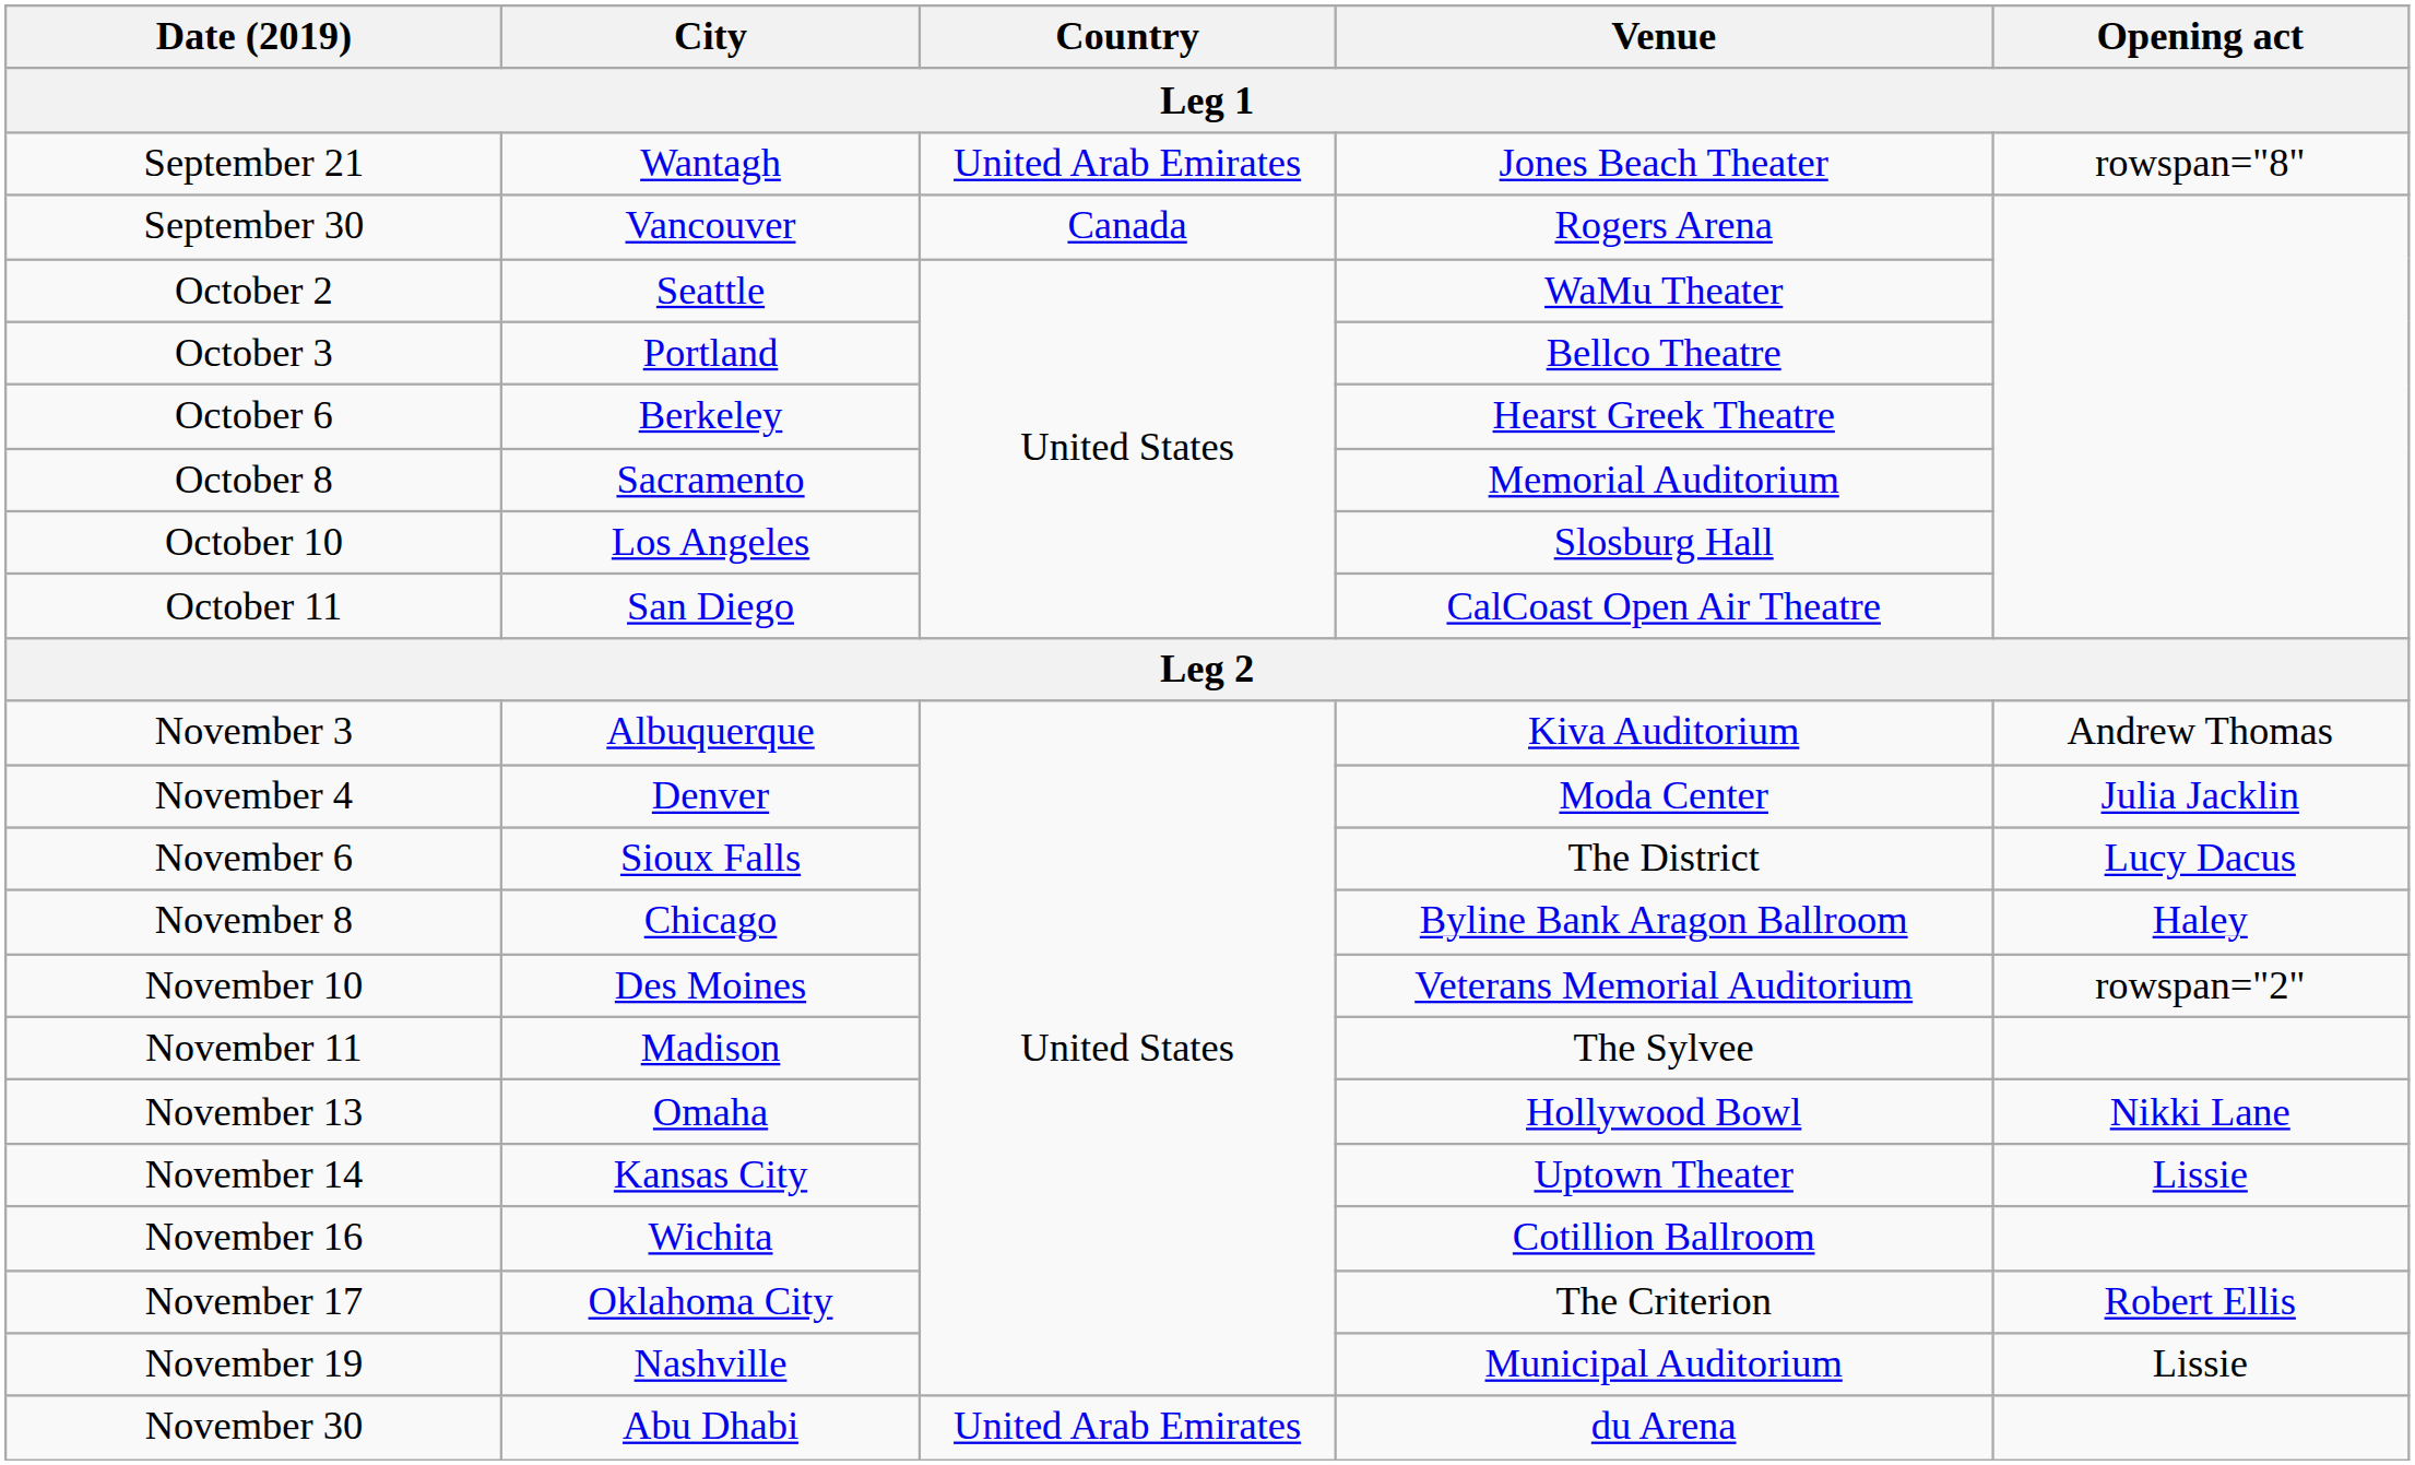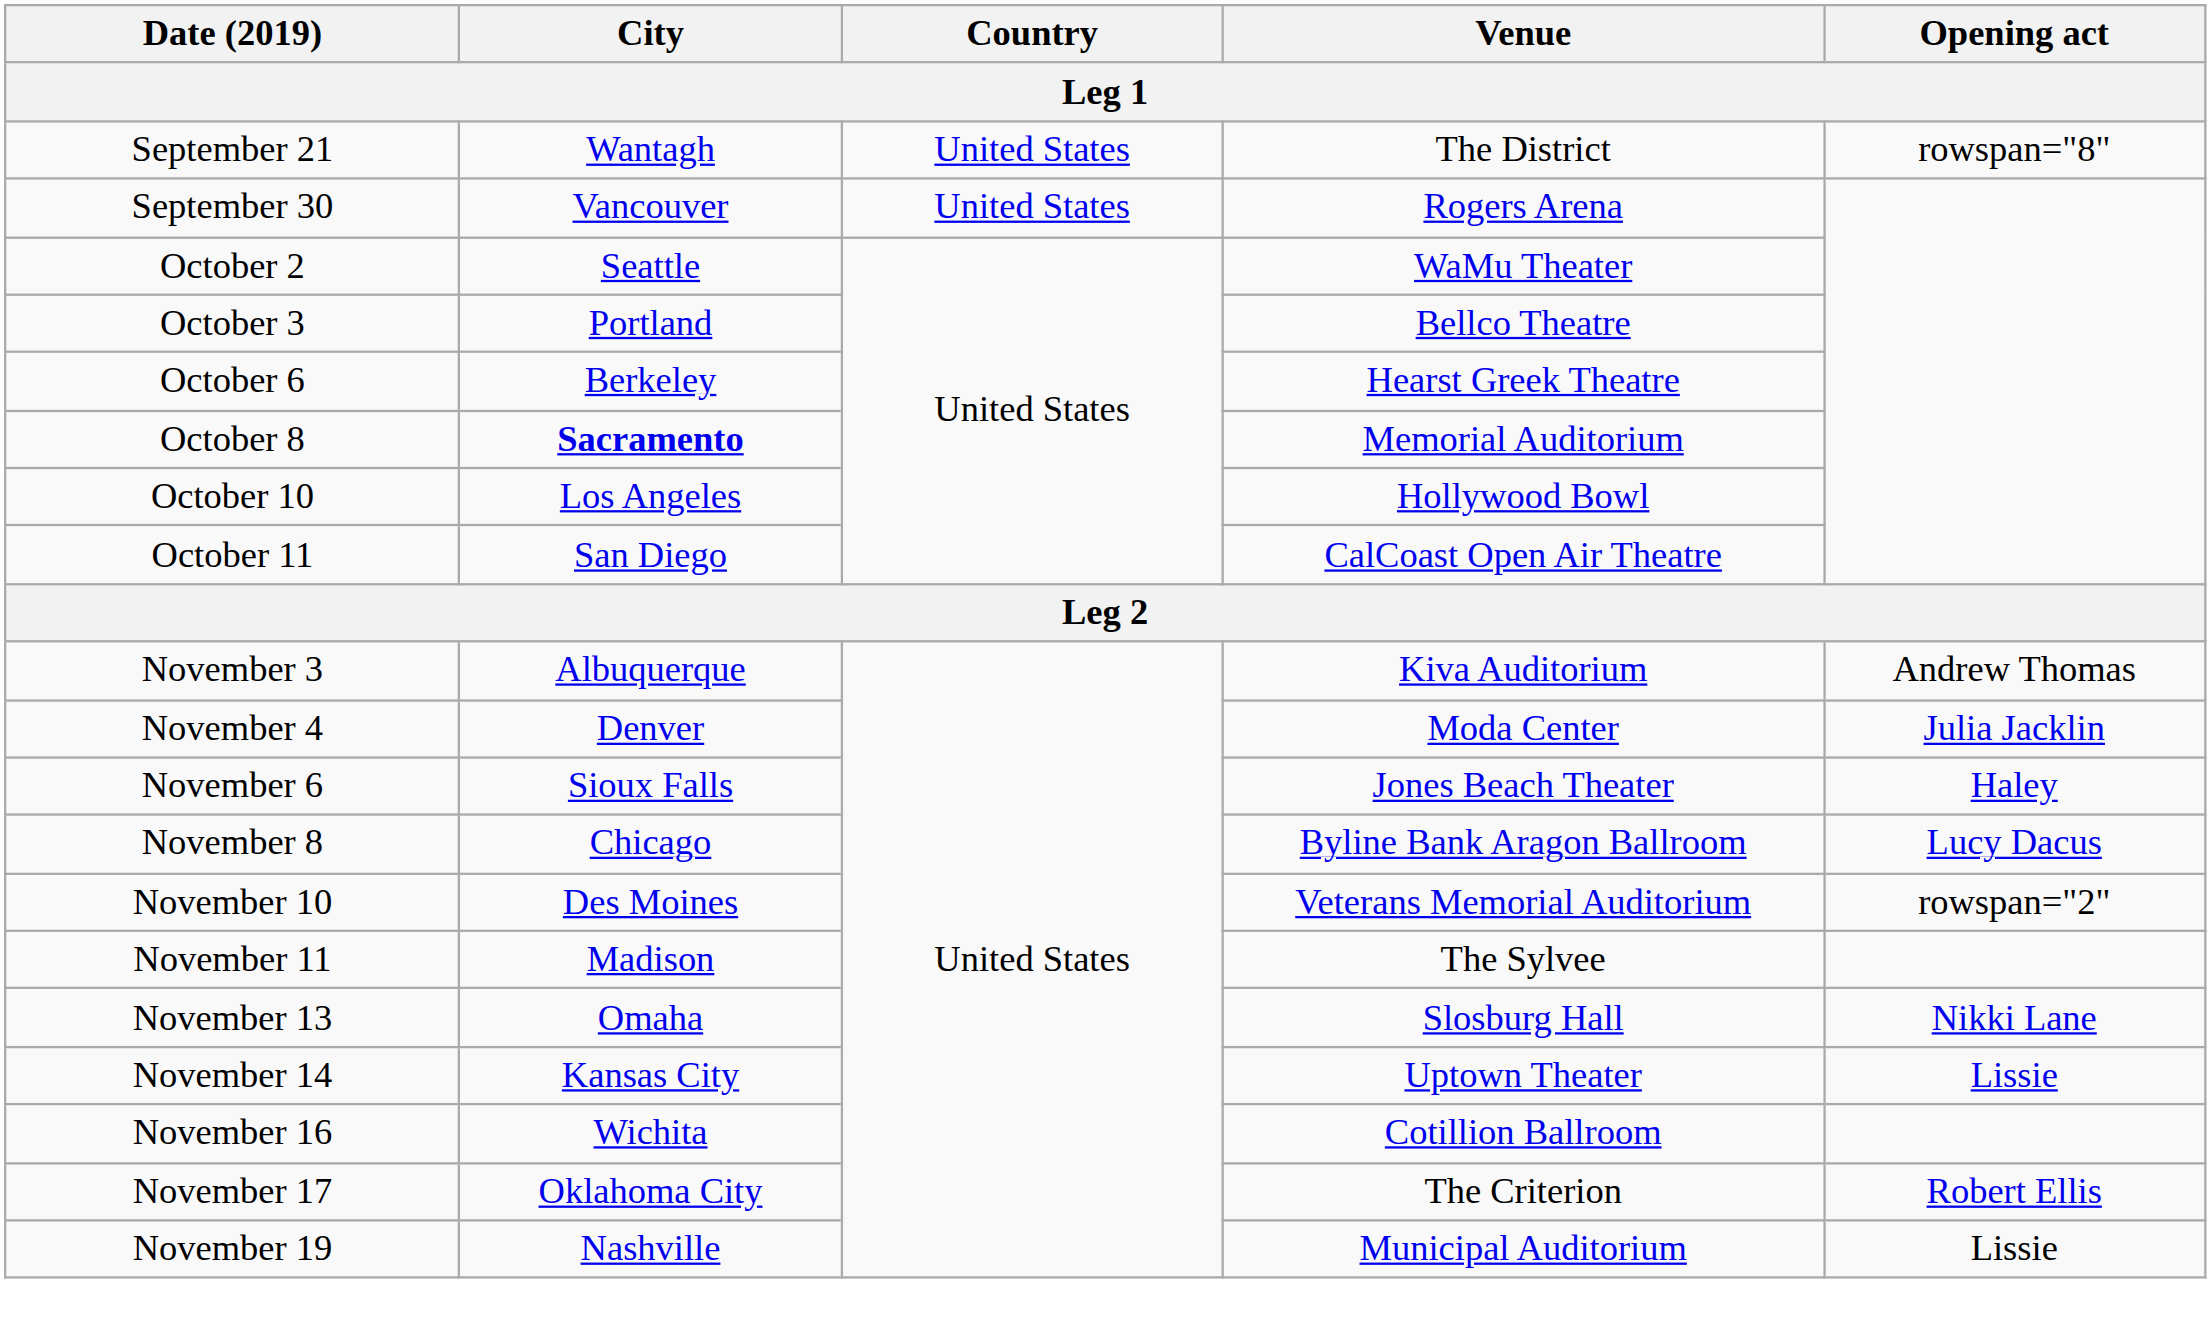 <table class="wikitable plainrowheaders" style="text-align: center;">
 <tr>
 <th scope="col" style="width:12em;">Date (2019)</th>
 <th scope="col" style="width:10em;">City</th>
 <th scope="col" style="width:10em;">Country</th>
 <th scope="col" style="width:16em;">Venue</th>
 <th scope="col" style="width:10em;">Opening act</th>
 </tr>
 <tr>
 <th colspan="5">Leg 1</th>
 </tr>
 <tr>
 <td>September 21</td>
 <td><a href='#'>Wantagh</a></td>
-<td><a href='#'>United Arab Emirates</a></td>
-<td><a href='#'>Jones Beach Theater</a></td>
+<td><a href='#'>United States</a></td>
+<td>The District</td>
 <td>rowspan="8" </td>
 </tr>
 <tr>
 <td>September 30</td>
 <td><a href='#'>Vancouver</a></td>
-<td><a href='#'>Canada</a></td>
+<td><a href='#'>United States</a></td>
 <td><a href='#'>Rogers Arena</a></td>
 </tr>
 <tr>
 <td>October 2</td>
 <td><a href='#'>Seattle</a></td>
 <td rowspan="6">United States</td>
 <td><a href='#'>WaMu Theater</a></td>
 </tr>
 <tr>
 <td>October 3</td>
 <td><a href='#'>Portland</a></td>
 <td><a href='#'>Bellco Theatre</a></td>
 </tr>
 <tr>
 <td>October 6</td>
 <td><a href='#'>Berkeley</a></td>
 <td><a href='#'>Hearst Greek Theatre</a></td>
 </tr>
 <tr>
 <td>October 8</td>
-<td><a href='#'>Sacramento</a></td>
+<td><strong><a href='#'>Sacramento</a></strong></td>
 <td><a href='#'>Memorial Auditorium</a></td>
 </tr>
 <tr>
 <td>October 10</td>
 <td><a href='#'>Los Angeles</a></td>
-<td><a href='#'>Slosburg Hall</a></td>
+<td><a href='#'>Hollywood Bowl</a></td>
 </tr>
 <tr>
 <td>October 11</td>
 <td><a href='#'>San Diego</a></td>
 <td><a href='#'>CalCoast Open Air Theatre</a></td>
 </tr>
 <tr>
 <th colspan="5">Leg 2</th>
 </tr>
 <tr>
 <td>November 3</td>
 <td><a href='#'>Albuquerque</a></td>
 <td rowspan="11">United States</td>
 <td><a href='#'>Kiva Auditorium</a></td>
 <td>Andrew Thomas</td>
 </tr>
 <tr>
 <td>November 4</td>
 <td><a href='#'>Denver</a></td>
 <td><a href='#'>Moda Center</a></td>
 <td><a href='#'>Julia Jacklin</a></td>
 </tr>
 <tr>
 <td>November 6</td>
 <td><a href='#'>Sioux Falls</a></td>
-<td>The District</td>
-<td><a href='#'>Lucy Dacus</a></td>
+<td><a href='#'>Jones Beach Theater</a></td>
+<td><a href='#'>Haley</a></td>
 </tr>
 <tr>
 <td>November 8</td>
 <td><a href='#'>Chicago</a></td>
 <td><a href='#'>Byline Bank Aragon Ballroom</a></td>
-<td><a href='#'>Haley</a></td>
+<td><a href='#'>Lucy Dacus</a></td>
 </tr>
 <tr>
 <td>November 10</td>
 <td><a href='#'>Des Moines</a></td>
 <td><a href='#'>Veterans Memorial Auditorium</a></td>
 <td>rowspan="2" </td>
 </tr>
 <tr>
 <td>November 11</td>
 <td><a href='#'>Madison</a></td>
 <td>The Sylvee</td>
 </tr>
 <tr>
 <td>November 13</td>
 <td><a href='#'>Omaha</a></td>
-<td><a href='#'>Hollywood Bowl</a></td>
+<td><a href='#'>Slosburg Hall</a></td>
 <td><a href='#'>Nikki Lane</a></td>
 </tr>
 <tr>
 <td>November 14</td>
 <td><a href='#'>Kansas City</a></td>
 <td><a href='#'>Uptown Theater</a></td>
 <td><a href='#'>Lissie</a></td>
 </tr>
 <tr>
 <td>November 16</td>
 <td><a href='#'>Wichita</a></td>
 <td><a href='#'>Cotillion Ballroom</a></td>
 <td></td>
 </tr>
 <tr>
 <td>November 17</td>
 <td><a href='#'>Oklahoma City</a></td>
 <td>The Criterion</td>
 <td><a href='#'>Robert Ellis</a></td>
 </tr>
 <tr>
 <td>November 19</td>
 <td><a href='#'>Nashville</a></td>
 <td><a href='#'>Municipal Auditorium</a></td>
 <td>Lissie</td>
 </tr>
-<tr>
-<td>November 30</td>
-<td><a href='#'>Abu Dhabi</a></td>
-<td><a href='#'>United Arab Emirates</a></td>
-<td><a href='#'>du Arena</a></td>
-<td></td>
-</tr>
 </table>
